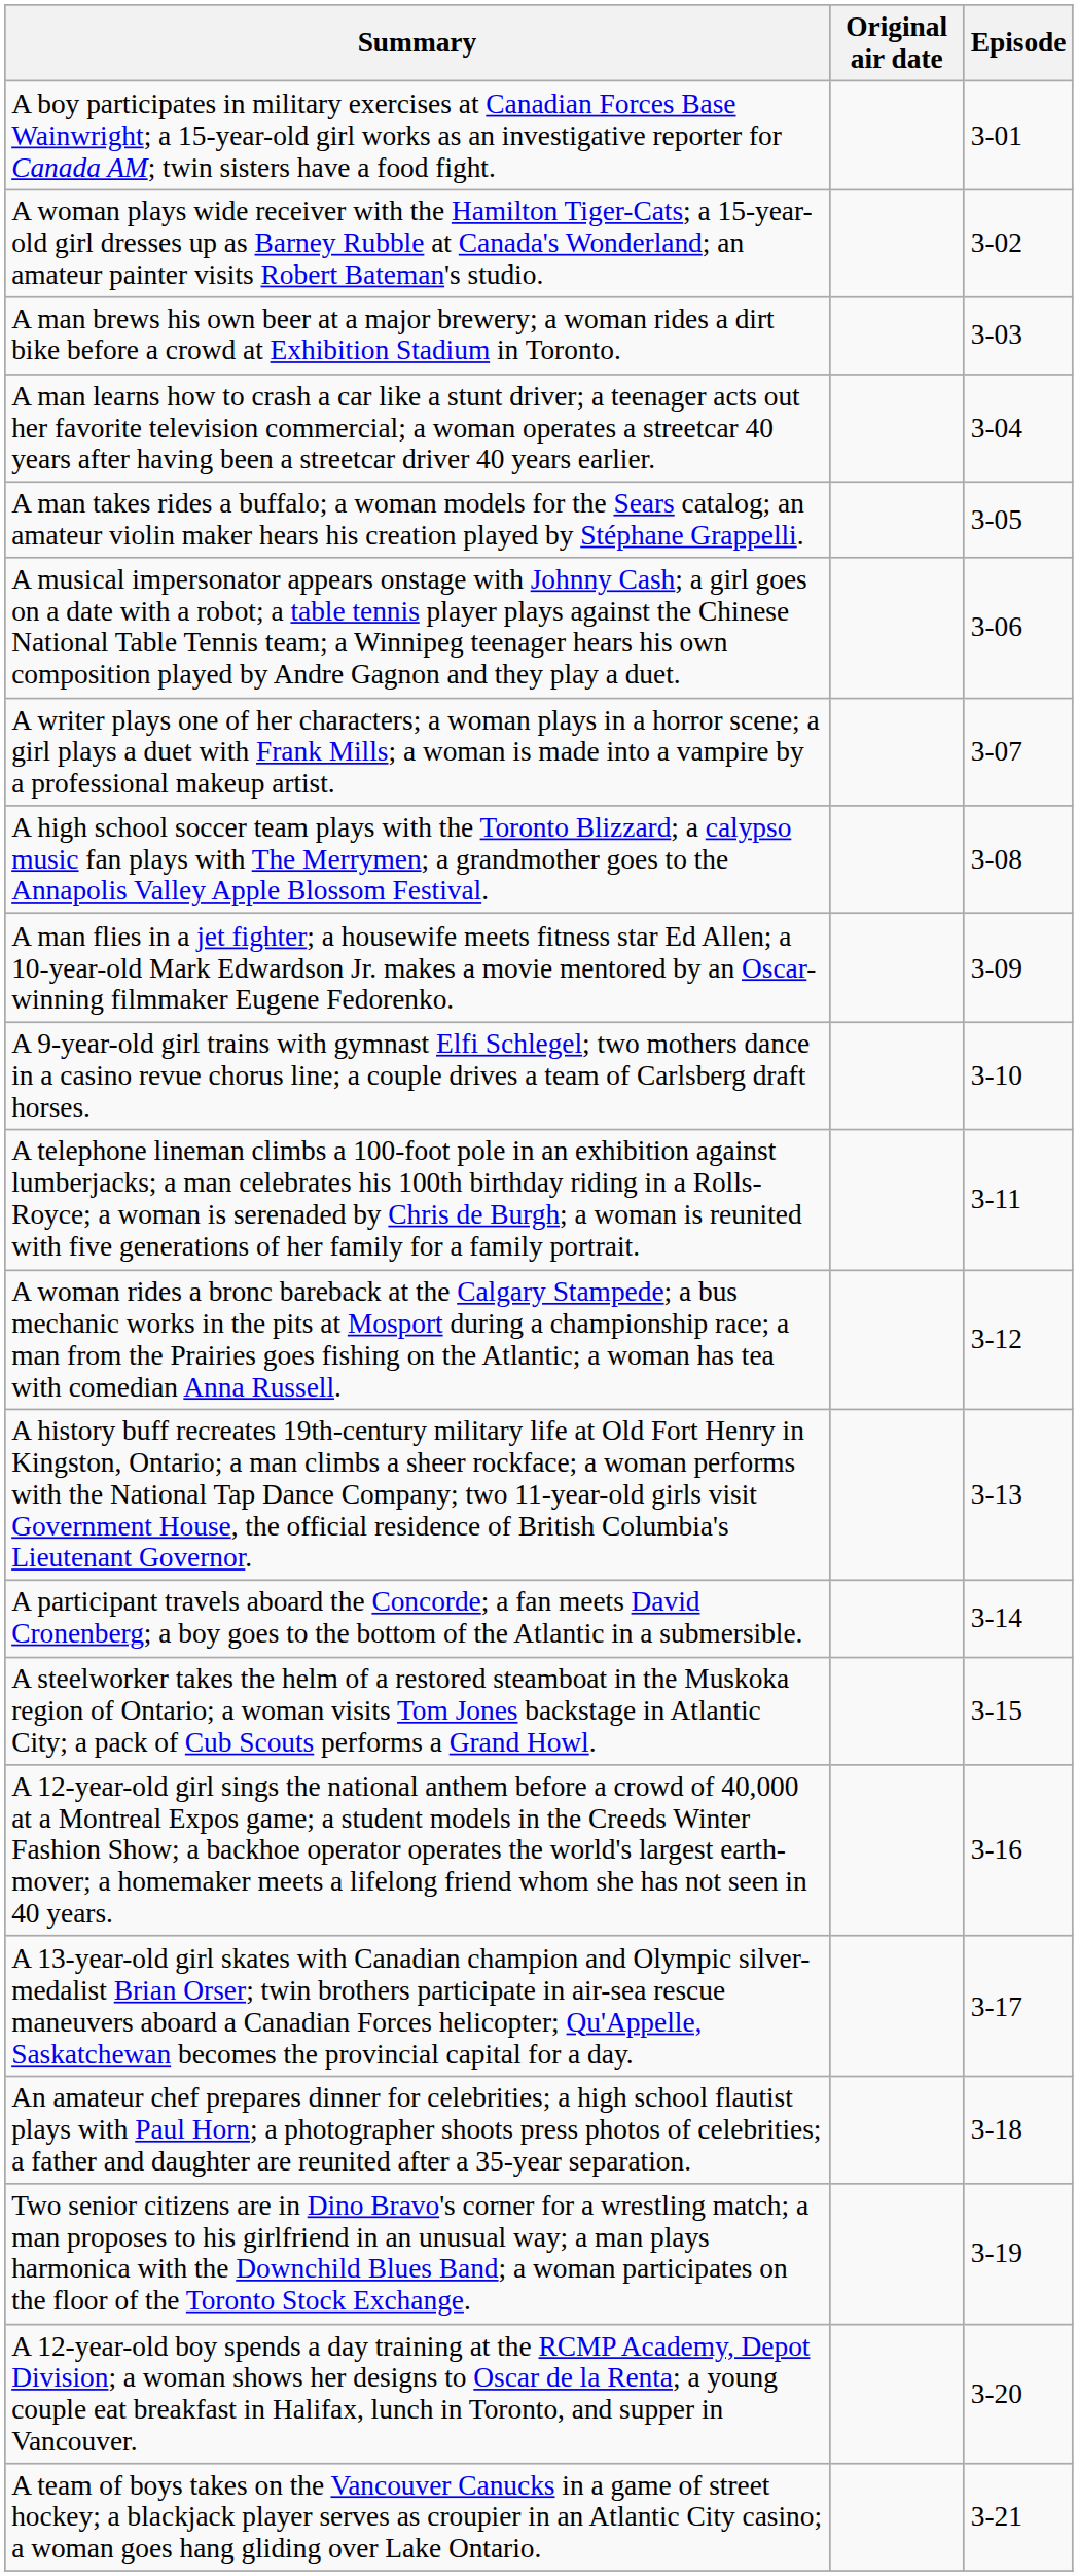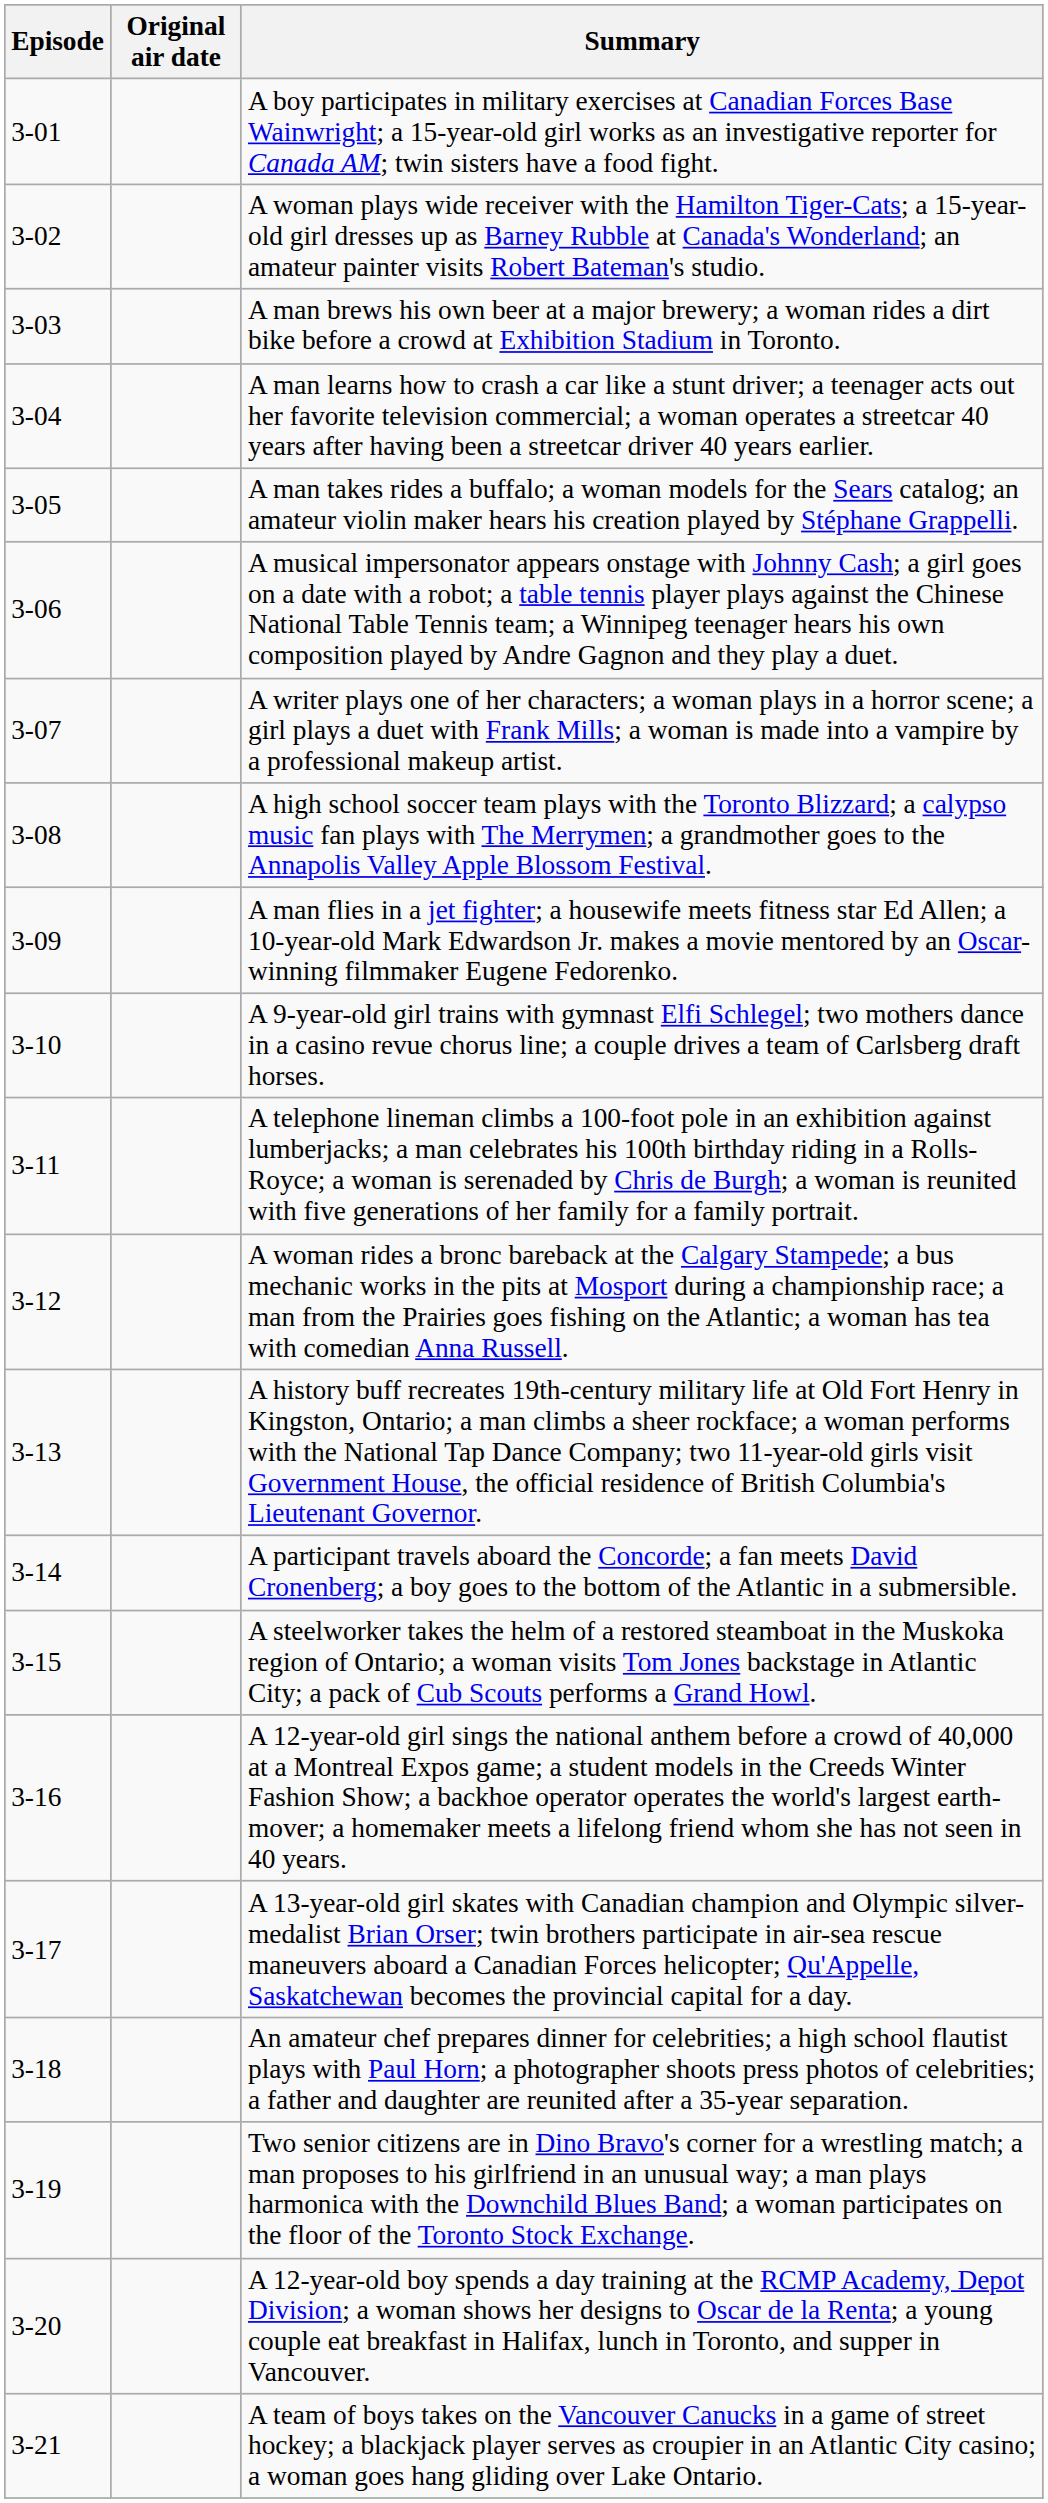 <table " class="wikitable" sortable">
 <tr>
+<th scope="col">Episode</th>
+<th scope="col">Original air date</th>
 <th scope="col">Summary</th>
-<th scope="col">Original air date</th>
-<th scope="col">Episode</th>
 </tr>
 <tr>
+<td>3-01</td>
+<td style=white-space:nowrap></td>
 <td>A boy participates in military exercises at <a href='#'>Canadian Forces Base Wainwright</a>; a 15-year-old girl works as an investigative reporter for <em><a href='#'>Canada AM</a></em>; twin sisters have a food fight.</td>
-<td style=white-space:nowrap></td>
-<td>3-01</td>
 </tr>
 <tr>
+<td>3-02</td>
+<td style=white-space:nowrap></td>
 <td>A woman plays wide receiver with the <a href='#'>Hamilton Tiger-Cats</a>; a 15-year-old girl dresses up as <a href='#'>Barney Rubble</a> at <a href='#'>Canada's Wonderland</a>; an amateur painter visits <a href='#'>Robert Bateman</a>'s studio.</td>
-<td style=white-space:nowrap></td>
-<td>3-02</td>
 </tr>
 <tr>
+<td>3-03</td>
+<td style=white-space:nowrap></td>
 <td>A man brews his own beer at a major brewery; a woman rides a dirt bike before a crowd at <a href='#'>Exhibition Stadium</a> in Toronto.</td>
-<td style=white-space:nowrap></td>
-<td>3-03</td>
 </tr>
 <tr>
+<td>3-04</td>
+<td style=white-space:nowrap></td>
 <td>A man learns how to crash a car like a stunt driver; a teenager acts out her favorite television commercial; a woman operates a streetcar 40 years after having been a streetcar driver 40 years earlier.</td>
-<td style=white-space:nowrap></td>
-<td>3-04</td>
 </tr>
 <tr>
+<td>3-05</td>
+<td style=white-space:nowrap></td>
 <td>A man takes rides a buffalo; a woman models for the <a href='#'>Sears</a> catalog; an amateur violin maker hears his creation played by <a href='#'>Stéphane Grappelli</a>.</td>
-<td style=white-space:nowrap></td>
-<td>3-05</td>
 </tr>
 <tr>
+<td>3-06</td>
+<td style=white-space:nowrap></td>
 <td>A musical impersonator appears onstage with <a href='#'>Johnny Cash</a>; a girl goes on a date with a robot; a <a href='#'>table tennis</a> player plays against the Chinese National Table Tennis team; a Winnipeg teenager hears his own composition played by Andre Gagnon and they play a duet.</td>
-<td style=white-space:nowrap></td>
-<td>3-06</td>
 </tr>
 <tr>
+<td>3-07</td>
+<td style=white-space:nowrap></td>
 <td>A writer plays one of her characters; a woman plays in a horror scene; a girl plays a duet with <a href='#'>Frank Mills</a>; a woman is made into a vampire by a professional makeup artist.</td>
-<td style=white-space:nowrap></td>
-<td>3-07</td>
 </tr>
 <tr>
+<td>3-08</td>
+<td style=white-space:nowrap></td>
 <td>A high school soccer team plays with the <a href='#'>Toronto Blizzard</a>; a <a href='#'>calypso music</a> fan plays with <a href='#'>The Merrymen</a>; a grandmother goes to the <a href='#'>Annapolis Valley Apple Blossom Festival</a>.</td>
-<td style=white-space:nowrap></td>
-<td>3-08</td>
 </tr>
 <tr>
+<td>3-09</td>
+<td style=white-space:nowrap></td>
 <td>A man flies in a <a href='#'>jet fighter</a>; a housewife meets fitness star Ed Allen; a 10-year-old Mark Edwardson Jr. makes a movie mentored by an <a href='#'>Oscar</a>-winning filmmaker Eugene Fedorenko.</td>
-<td style=white-space:nowrap></td>
-<td>3-09</td>
 </tr>
 <tr>
+<td>3-10</td>
+<td style=white-space:nowrap></td>
 <td>A 9-year-old girl trains with gymnast <a href='#'>Elfi Schlegel</a>; two mothers dance in a casino revue chorus line; a couple drives a team of Carlsberg draft horses.</td>
-<td style=white-space:nowrap></td>
-<td>3-10</td>
 </tr>
 <tr>
+<td>3-11</td>
+<td style=white-space:nowrap></td>
 <td>A telephone lineman climbs a 100-foot pole in an exhibition against lumberjacks; a man celebrates his 100th birthday riding in a Rolls-Royce; a woman is serenaded by <a href='#'>Chris de Burgh</a>; a woman is reunited with five generations of her family for a family portrait.</td>
-<td style=white-space:nowrap></td>
-<td>3-11</td>
 </tr>
 <tr>
+<td>3-12</td>
+<td style=white-space:nowrap></td>
 <td>A woman rides a bronc bareback at the <a href='#'>Calgary Stampede</a>; a bus mechanic works in the pits at <a href='#'>Mosport</a> during a championship race; a man from the Prairies goes fishing on the Atlantic; a woman has tea with comedian <a href='#'>Anna Russell</a>.</td>
-<td style=white-space:nowrap></td>
-<td>3-12</td>
 </tr>
 <tr>
+<td>3-13</td>
+<td style=white-space:nowrap></td>
 <td>A history buff recreates 19th-century military life at Old Fort Henry in Kingston, Ontario; a man climbs a sheer rockface; a woman performs with the National Tap Dance Company; two 11-year-old girls visit <a href='#'>Government House</a>, the official residence of British Columbia's <a href='#'>Lieutenant Governor</a>.</td>
-<td style=white-space:nowrap></td>
-<td>3-13</td>
 </tr>
 <tr>
+<td>3-14</td>
+<td style=white-space:nowrap></td>
 <td>A participant travels aboard the <a href='#'>Concorde</a>; a fan meets <a href='#'>David Cronenberg</a>; a boy goes to the bottom of the Atlantic in a submersible.</td>
-<td style=white-space:nowrap></td>
-<td>3-14</td>
 </tr>
 <tr>
+<td>3-15</td>
+<td style=white-space:nowrap></td>
 <td>A steelworker takes the helm of a restored steamboat in the Muskoka region of Ontario; a woman visits <a href='#'>Tom Jones</a> backstage in Atlantic City; a pack of <a href='#'>Cub Scouts</a> performs a <a href='#'>Grand Howl</a>.</td>
-<td style=white-space:nowrap></td>
-<td>3-15</td>
 </tr>
 <tr>
+<td>3-16</td>
+<td style=white-space:nowrap></td>
 <td>A 12-year-old girl sings the national anthem before a crowd of 40,000 at a Montreal Expos game; a student models in the Creeds Winter Fashion Show; a backhoe operator operates the world's largest earth-mover; a homemaker meets a lifelong friend whom she has not seen in 40 years.</td>
-<td style=white-space:nowrap></td>
-<td>3-16</td>
 </tr>
 <tr>
+<td>3-17</td>
+<td style=white-space:nowrap></td>
 <td>A 13-year-old girl skates with Canadian champion and Olympic silver-medalist <a href='#'>Brian Orser</a>; twin brothers participate in air-sea rescue maneuvers aboard a Canadian Forces helicopter; <a href='#'>Qu'Appelle, Saskatchewan</a> becomes the provincial capital for a day.</td>
-<td style=white-space:nowrap></td>
-<td>3-17</td>
 </tr>
 <tr>
+<td>3-18</td>
+<td style=white-space:nowrap></td>
 <td>An amateur chef prepares dinner for celebrities; a high school flautist plays with <a href='#'>Paul Horn</a>; a photographer shoots press photos of celebrities; a father and daughter are reunited after a 35-year separation.</td>
-<td style=white-space:nowrap></td>
-<td>3-18</td>
 </tr>
 <tr>
+<td>3-19</td>
+<td style=white-space:nowrap></td>
 <td>Two senior citizens are in <a href='#'>Dino Bravo</a>'s corner for a wrestling match; a man proposes to his girlfriend in an unusual way; a man plays harmonica with the <a href='#'>Downchild Blues Band</a>; a woman participates on the floor of the <a href='#'>Toronto Stock Exchange</a>.</td>
-<td style=white-space:nowrap></td>
-<td>3-19</td>
 </tr>
 <tr>
+<td>3-20</td>
+<td style=white-space:nowrap></td>
 <td>A 12-year-old boy spends a day training at the <a href='#'>RCMP Academy, Depot Division</a>; a woman shows her designs to <a href='#'>Oscar de la Renta</a>; a young couple eat breakfast in Halifax, lunch in Toronto, and supper in Vancouver.</td>
-<td style=white-space:nowrap></td>
-<td>3-20</td>
 </tr>
 <tr>
+<td>3-21</td>
+<td style=white-space:nowrap></td>
 <td>A team of boys takes on the <a href='#'>Vancouver Canucks</a> in a game of street hockey; a blackjack player serves as croupier in an Atlantic City casino; a woman goes hang gliding over Lake Ontario.</td>
-<td style=white-space:nowrap></td>
-<td>3-21</td>
 </tr>
 </table>
